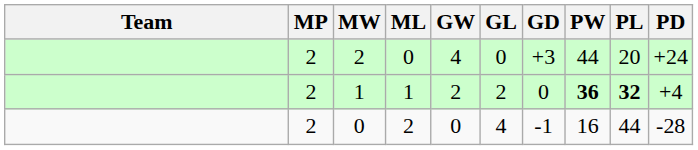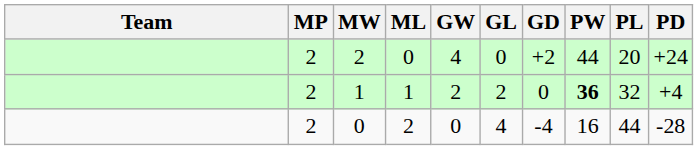 <table class=wikitable style="text-align:center">
 <tr>
 <th width=200>Team</th>
 <th width=20>MP</th>
 <th width=20>MW</th>
 <th width=20>ML</th>
 <th width=20>GW</th>
 <th width=20>GL</th>
 <th width=20>GD</th>
 <th width=20>PW</th>
 <th width=20>PL</th>
 <th width=20>PD</th>
 </tr>
 <tr style="background:#cfc;">
 <td align=left><br></td>
 <td>2</td>
 <td>2</td>
 <td>0</td>
 <td>4</td>
 <td>0</td>
-<td>+3</td>
+<td>+2</td>
 <td>44</td>
 <td>20</td>
 <td>+24</td>
 </tr>
 <tr style="background:#cfc;">
 <td align=left><br></td>
 <td>2</td>
 <td>1</td>
 <td>1</td>
 <td>2</td>
 <td>2</td>
 <td>0</td>
 <td><strong>36</strong></td>
-<td><strong>32</strong></td>
+<td>32</td>
 <td>+4</td>
 </tr>
 <tr>
 <td align=left><br></td>
 <td>2</td>
 <td>0</td>
 <td>2</td>
 <td>0</td>
 <td>4</td>
-<td>-1</td>
+<td>-4</td>
 <td>16</td>
 <td>44</td>
 <td>-28</td>
 </tr>
 </table>
